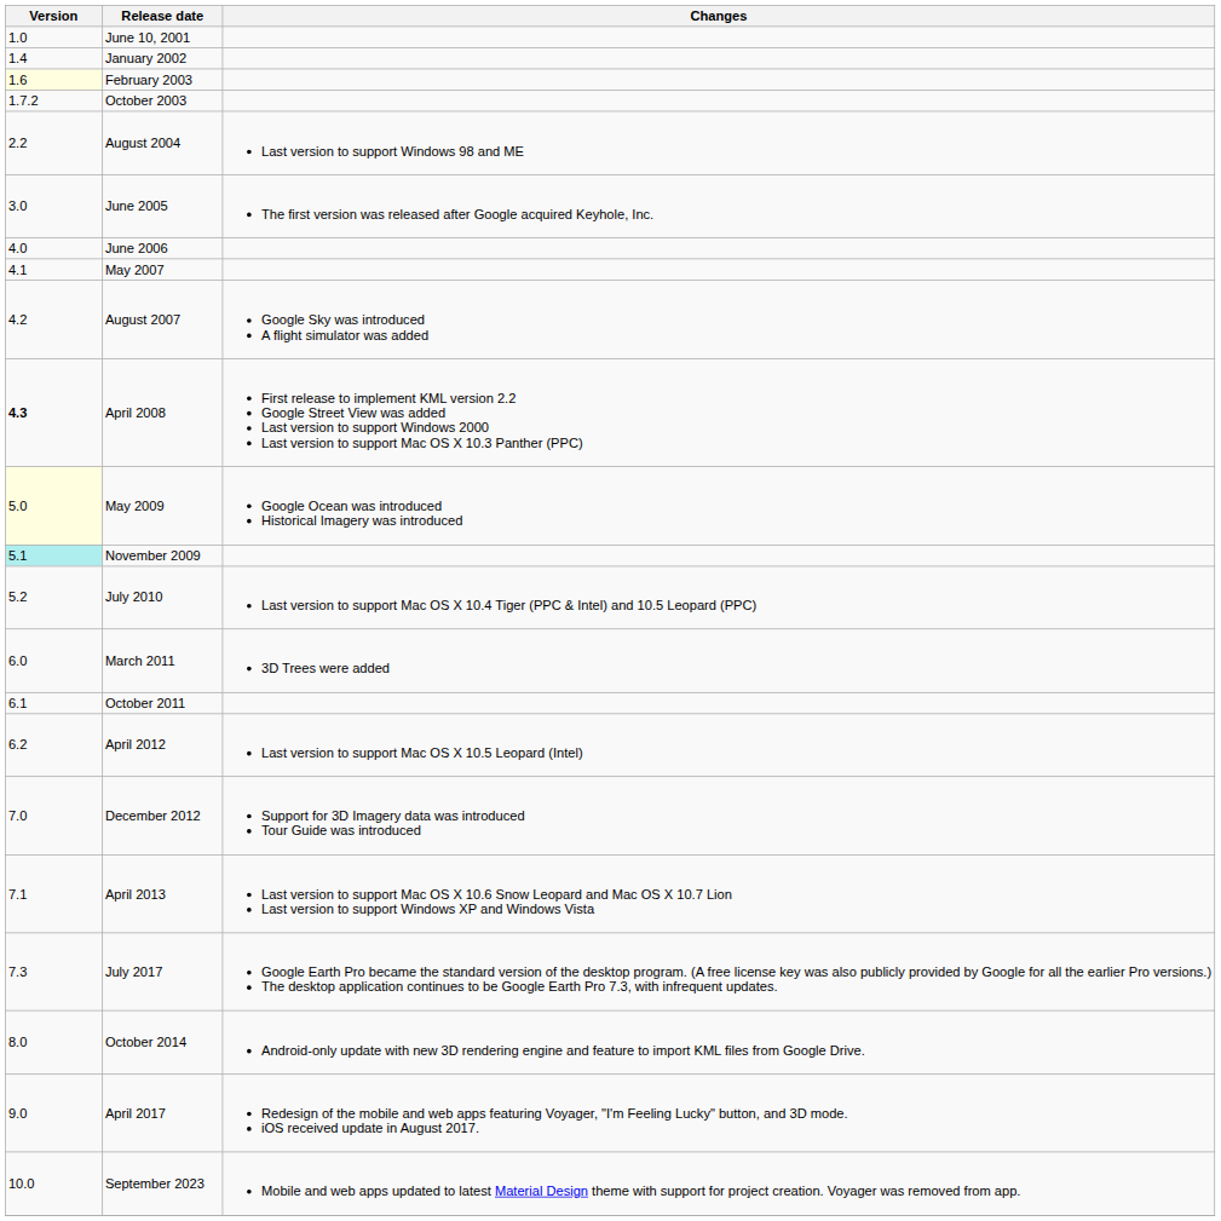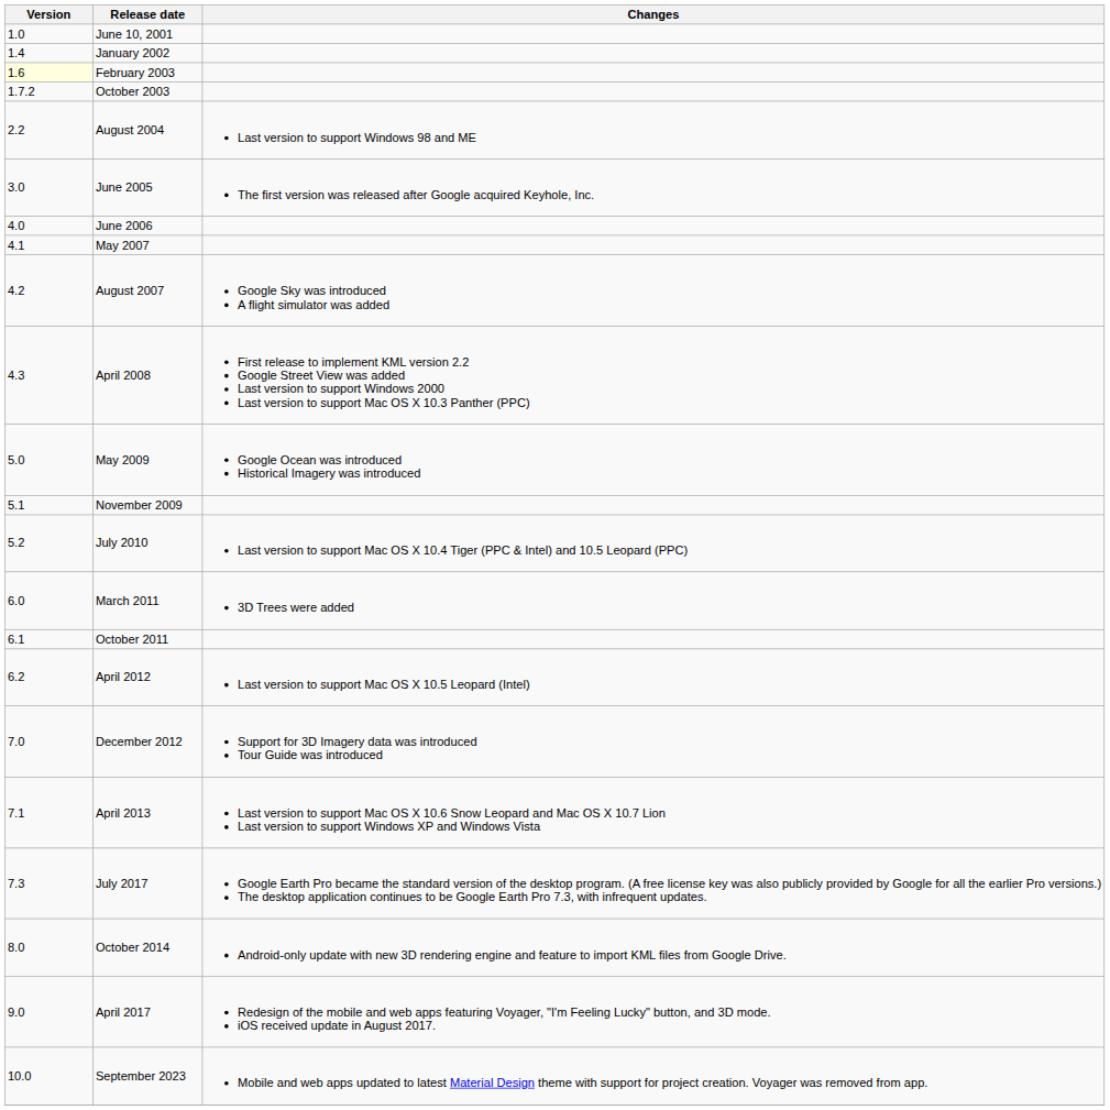 <table class="wikitable sortable" style="font-size:95%;">
 <tr>
 <th style="width:8%">Version</th>
 <th style="width:10%">Release date</th>
 <th style="width:82%;">Changes</th>
 </tr>
 <tr>
 <td>1.0</td>
 <td>June 10, 2001</td>
 <td></td>
 </tr>
 <tr>
 <td>1.4</td>
 <td>January 2002</td>
 <td></td>
 </tr>
 <tr>
 <td style="background: lightyellow;">1.6</td>
 <td>February 2003</td>
 <td></td>
 </tr>
 <tr>
 <td>1.7.2</td>
 <td>October 2003</td>
 <td></td>
 </tr>
 <tr>
 <td>2.2</td>
 <td>August 2004</td>
 <td><br><ul><li>Last version to support Windows 98 and ME</li></ul></td>
 </tr>
 <tr>
 <td>3.0</td>
 <td>June 2005</td>
 <td><br><ul><li>The first version was released after Google acquired Keyhole, Inc.</li></ul></td>
 </tr>
 <tr>
 <td>4.0</td>
 <td>June 2006</td>
 <td></td>
 </tr>
 <tr>
 <td>4.1</td>
 <td>May 2007</td>
 <td></td>
 </tr>
 <tr>
 <td>4.2</td>
 <td>August 2007</td>
 <td><br><ul><li>Google Sky was introduced</li><li>A flight simulator was added</li></ul></td>
 </tr>
 <tr>
-<td><strong>4.3</strong></td>
+<td>4.3</td>
 <td>April 2008</td>
 <td><br><ul><li>First release to implement KML version 2.2</li><li>Google Street View was added</li><li>Last version to support Windows 2000</li><li>Last version to support Mac OS X 10.3 Panther (PPC)</li></ul></td>
 </tr>
 <tr>
-<td style="background: lightyellow;">5.0</td>
+<td>5.0</td>
 <td>May 2009</td>
 <td><br><ul><li>Google Ocean was introduced</li><li>Historical Imagery was introduced</li></ul></td>
 </tr>
 <tr>
-<td style="background: paleturquoise;">5.1</td>
+<td>5.1</td>
 <td>November 2009</td>
 <td></td>
 </tr>
 <tr>
 <td>5.2</td>
 <td>July 2010</td>
 <td><br><ul><li>Last version to support Mac OS X 10.4 Tiger (PPC & Intel) and 10.5 Leopard (PPC)</li></ul></td>
 </tr>
 <tr>
 <td>6.0</td>
 <td>March 2011</td>
 <td><br><ul><li>3D Trees were added</li></ul></td>
 </tr>
 <tr>
 <td>6.1</td>
 <td>October 2011</td>
 <td></td>
 </tr>
 <tr>
 <td>6.2</td>
 <td>April 2012</td>
 <td><br><ul><li>Last version to support Mac OS X 10.5 Leopard (Intel)</li></ul></td>
 </tr>
 <tr>
 <td>7.0</td>
 <td>December 2012</td>
 <td><br><ul><li>Support for 3D Imagery data was introduced</li><li>Tour Guide was introduced</li></ul></td>
 </tr>
 <tr>
 <td>7.1</td>
 <td>April 2013</td>
 <td><br><ul><li>Last version to support Mac OS X 10.6 Snow Leopard and Mac OS X 10.7 Lion</li><li>Last version to support Windows XP and Windows Vista</li></ul></td>
 </tr>
 <tr>
 <td>7.3</td>
 <td>July 2017</td>
 <td><br><ul><li>Google Earth Pro became the standard version of the desktop program. (A free license key was also publicly provided by Google for all the earlier Pro versions.)</li><li>The desktop application continues to be Google Earth Pro 7.3, with infrequent updates.</li></ul></td>
 </tr>
 <tr>
 <td>8.0</td>
 <td>October 2014</td>
 <td><br><ul><li>Android-only update with new 3D rendering engine and feature to import KML files from Google Drive.</li></ul></td>
 </tr>
 <tr>
 <td>9.0</td>
 <td>April 2017</td>
 <td><br><ul><li>Redesign of the mobile and web apps featuring Voyager, "I'm Feeling Lucky" button, and 3D mode.</li><li>iOS received update in August 2017.</li></ul></td>
 </tr>
 <tr>
 <td>10.0</td>
 <td>September 2023</td>
 <td><br><ul><li>Mobile and web apps updated to latest <a href='#'>Material Design</a> theme with support for project creation. Voyager was removed from app.</li></ul></td>
 </tr>
 <tr>
 </tr>
 </table>
